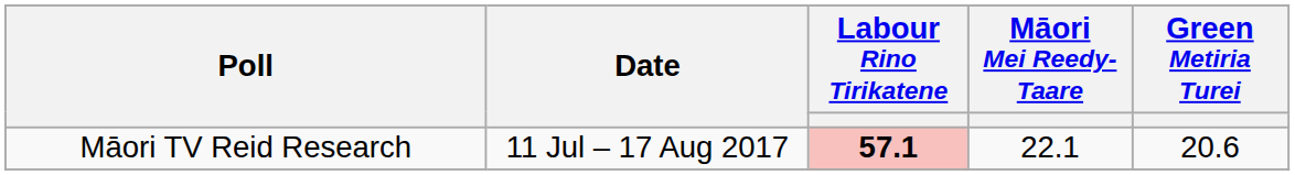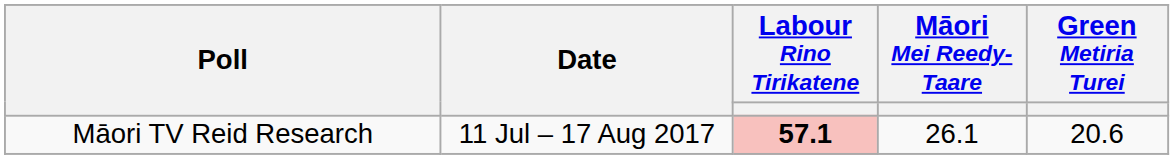 <table class="wikitable" style="font-size:90%; line-height:14px; text-align:center">
 <tr>
 <th style="width:240px;" rowspan="2">Poll</th>
 <th style="width:160px;" rowspan="2">Date </th>
 <th style="width:70px;" r bgcolor=><a href='#'>Labour</a><br><small><em><a href='#'>Rino Tirikatene</a></em></small></th>
 <th style="width:75px;"  bgcolor=><a href='#'>Māori</a><br><small><em><a href='#'>Mei Reedy-Taare</a></em></small></th>
 <th style="width:70px;" r bgcolor=><a href='#'>Green</a><br><small><em><a href='#'>Metiria Turei</a></em></small></th>
 </tr>
 <tr>
 <th class="unsortable" style="color:inherit;background:"></th>
 <th class="unsortable" style="color:inherit;background:"></th>
 <th class="unsortable" style="color:inherit;background:"></th>
 </tr>
 <tr>
 <td>Māori TV Reid Research</td>
 <td>11 Jul – 17 Aug 2017</td>
 <td style="background:#F8C1BE"><strong>57.1</strong></td>
-<td>22.1</td>
+<td>26.1</td>
 <td>20.6</td>
 </tr>
 </table>
